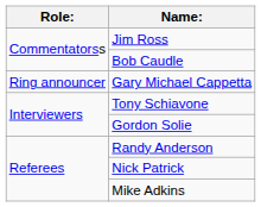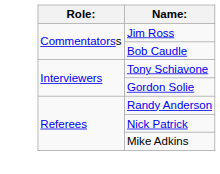 <table class=wikitable style="font-size:90%; margin: 0.5em 0 0.5em 1em; float: right; clear: right;">
 <tr>
 <th>Role:</th>
 <th>Name:</th>
 </tr>
 <tr>
 <td rowspan=2><a href='#'>Commentators</a>s</td>
 <td><a href='#'>Jim Ross</a></td>
 </tr>
 <tr>
 <td><a href='#'>Bob Caudle</a></td>
-</tr>
-<tr>
-<td><a href='#'>Ring announcer</a></td>
-<td><a href='#'>Gary Michael Cappetta</a></td>
 </tr>
 <tr>
 <td rowspan=2><a href='#'>Interviewers</a></td>
 <td><a href='#'>Tony Schiavone</a></td>
 </tr>
 <tr>
 <td><a href='#'>Gordon Solie</a></td>
 </tr>
 <tr>
 <td rowspan=3><a href='#'>Referees</a></td>
 <td><a href='#'>Randy Anderson</a></td>
 </tr>
 <tr>
 <td><a href='#'>Nick Patrick</a></td>
 </tr>
 <tr>
 <td>Mike Adkins</td>
 </tr>
 </table>
